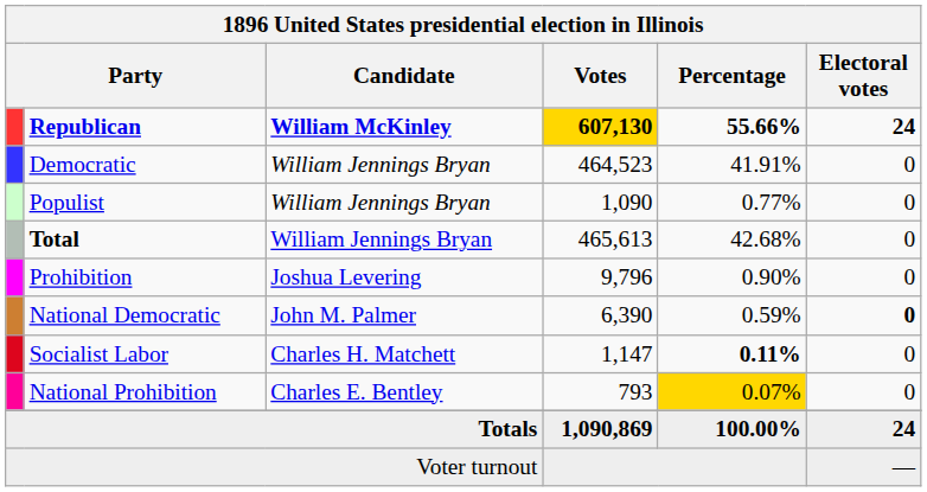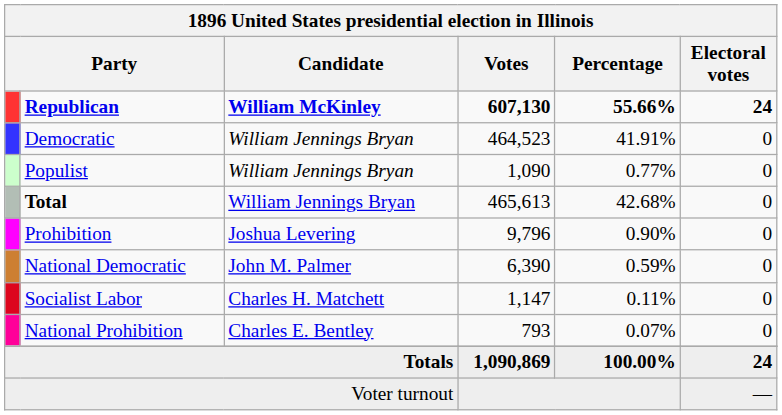 <table class="wikitable" style="font-size: 95%;">
 <tr>
 <th colspan="6">1896 United States presidential election in Illinois</th>
 </tr>
 <tr>
 <th colspan="2" style="width: 15em">Party</th>
 <th style="width: 17em">Candidate</th>
 <th style="width: 5em">Votes</th>
 <th style="width: 7em">Percentage</th>
 <th style="width: 5em">Electoral votes</th>
 </tr>
 <tr>
 <th style="background-color:#FF3333; width: 3px"></th>
 <td style="width: 130px"><strong><a href='#'>Republican</a></strong></td>
 <td><strong><a href='#'>William McKinley</a></strong></td>
-<td align="right" style="background: gold;"><strong>607,130</strong></td>
+<td align="right"><strong>607,130</strong></td>
 <td align="right"><strong>55.66%</strong></td>
 <td align="right"><strong>24</strong></td>
 </tr>
 <tr>
 <th style="background-color:#3333FF; width: 3px"></th>
 <td style="width: 130px"><a href='#'>Democratic</a></td>
 <td><em>William Jennings Bryan</em></td>
 <td align="right">464,523</td>
 <td align="right">41.91%</td>
 <td align="right">0</td>
 </tr>
 <tr>
 <th style="background-color:#CCFFCC; width: 3px"></th>
 <td style="width: 130px"><a href='#'>Populist</a></td>
 <td><em>William Jennings Bryan</em></td>
 <td align="right">1,090</td>
 <td align="right">0.77%</td>
 <td align="right">0</td>
 </tr>
 <tr>
 <th style="background-color:#B2BEB5; width: 3px"></th>
 <td style="width: 130px"><strong> Total</strong></td>
 <td><a href='#'>William Jennings Bryan</a></td>
 <td align="right">465,613</td>
 <td align="right">42.68%</td>
 <td align="right">0</td>
 </tr>
 <tr>
 <th style="background-color:#FF00FF; width: 3px"></th>
 <td style="width: 130px"><a href='#'>Prohibition</a></td>
 <td><a href='#'>Joshua Levering</a></td>
 <td align="right">9,796</td>
 <td align="right">0.90%</td>
 <td align="right">0</td>
 </tr>
 <tr>
 <th style="background-color:#CD7F32; width: 3px"></th>
 <td style="width: 130px"><a href='#'>National Democratic</a></td>
 <td><a href='#'>John M. Palmer</a></td>
 <td align="right">6,390</td>
 <td align="right">0.59%</td>
-<td align="right"><strong>0</strong></td>
+<td align="right">0</td>
 </tr>
 <tr>
 <th style="background-color:#DD051D; width: 3px"></th>
 <td style="width: 130px"><a href='#'>Socialist Labor</a></td>
 <td><a href='#'>Charles H. Matchett</a></td>
 <td align="right">1,147</td>
-<td align="right"><strong>0.11%</strong></td>
+<td align="right">0.11%</td>
 <td align="right">0</td>
 </tr>
 <tr>
 <th style="background-color:#f09; width: 3px"></th>
 <td style="width: 130px"><a href='#'>National Prohibition</a></td>
 <td><a href='#'>Charles E. Bentley</a></td>
 <td align="right">793</td>
-<td align="right" style="background: gold;">0.07%</td>
+<td align="right">0.07%</td>
 <td align="right">0</td>
 </tr>
 <tr>
 </tr>
 <tr bgcolor="#EEEEEE">
 <td colspan="3" align="right"><strong>Totals</strong></td>
 <td align="right"><strong>1,090,869</strong></td>
 <td align="right"><strong>100.00%</strong></td>
 <td align="right"><strong>24</strong></td>
 </tr>
 <tr bgcolor="#EEEEEE">
 <td colspan="3" align="right">Voter turnout</td>
 <td colspan="2" align="right"></td>
 <td align="right">—</td>
 </tr>
 </table>
